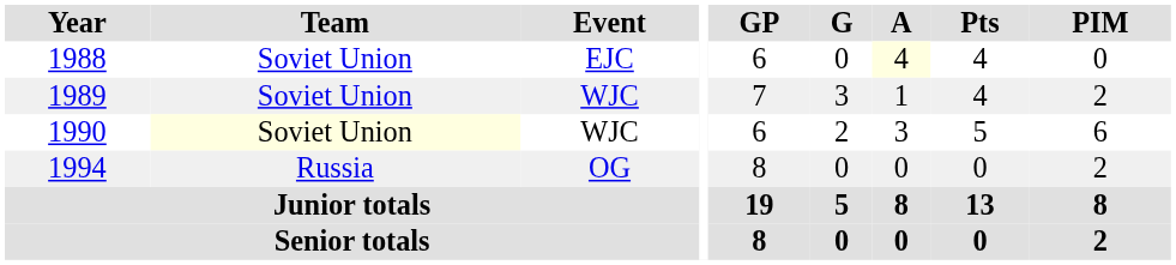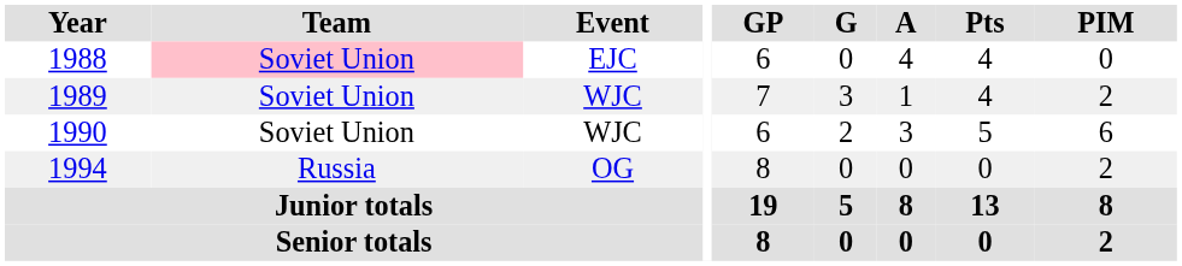 <table border="0" cellpadding="1" cellspacing="0" ID="Table3" style="text-align:center; width:40em">
 <tr ALIGN="center" bgcolor="#e0e0e0">
 <th>Year</th>
 <th>Team</th>
 <th>Event</th>
 <th rowspan="99" bgcolor="#ffffff"></th>
 <th>GP</th>
 <th>G</th>
 <th>A</th>
 <th>Pts</th>
 <th>PIM</th>
 </tr>
 <tr>
 <td><a href='#'>1988</a></td>
-<td><a href='#'>Soviet Union</a></td>
+<td style="background: pink;"><a href='#'>Soviet Union</a></td>
 <td><a href='#'>EJC</a></td>
 <td>6</td>
 <td>0</td>
-<td style="background: lightyellow;">4</td>
+<td>4</td>
 <td>4</td>
 <td>0</td>
 </tr>
 <tr bgcolor="#f0f0f0">
 <td><a href='#'>1989</a></td>
 <td><a href='#'>Soviet Union</a></td>
 <td><a href='#'>WJC</a></td>
 <td>7</td>
 <td>3</td>
 <td>1</td>
 <td>4</td>
 <td>2</td>
 </tr>
 <tr>
 <td><a href='#'>1990</a></td>
-<td style="background: lightyellow;">Soviet Union</td>
+<td>Soviet Union</td>
 <td>WJC</td>
 <td>6</td>
 <td>2</td>
 <td>3</td>
 <td>5</td>
 <td>6</td>
 </tr>
 <tr bgcolor="#f0f0f0">
 <td><a href='#'>1994</a></td>
 <td><a href='#'>Russia</a></td>
 <td><a href='#'>OG</a></td>
 <td>8</td>
 <td>0</td>
 <td>0</td>
 <td>0</td>
 <td>2</td>
 </tr>
 <tr bgcolor="#e0e0e0">
 <th colspan=3>Junior totals</th>
 <th>19</th>
 <th>5</th>
 <th>8</th>
 <th>13</th>
 <th>8</th>
 </tr>
 <tr bgcolor="#e0e0e0">
 <th colspan=3>Senior totals</th>
 <th>8</th>
 <th>0</th>
 <th>0</th>
 <th>0</th>
 <th>2</th>
 </tr>
 </table>
